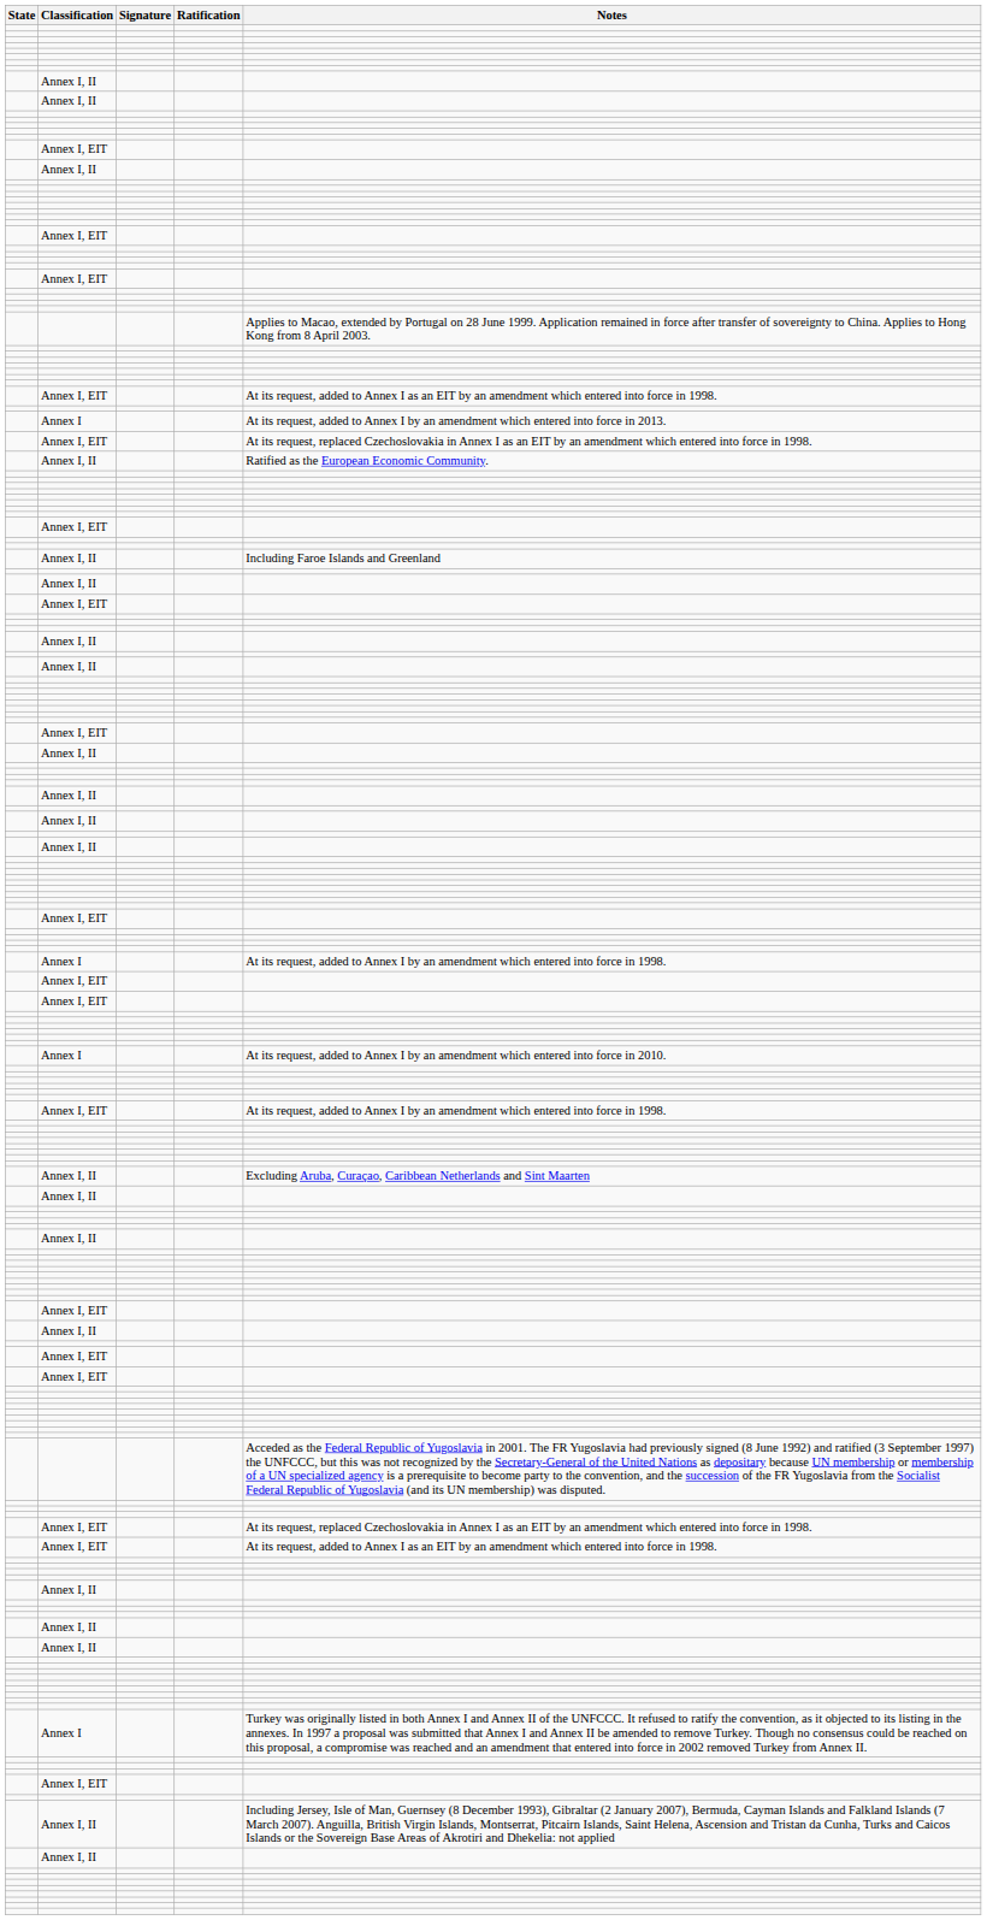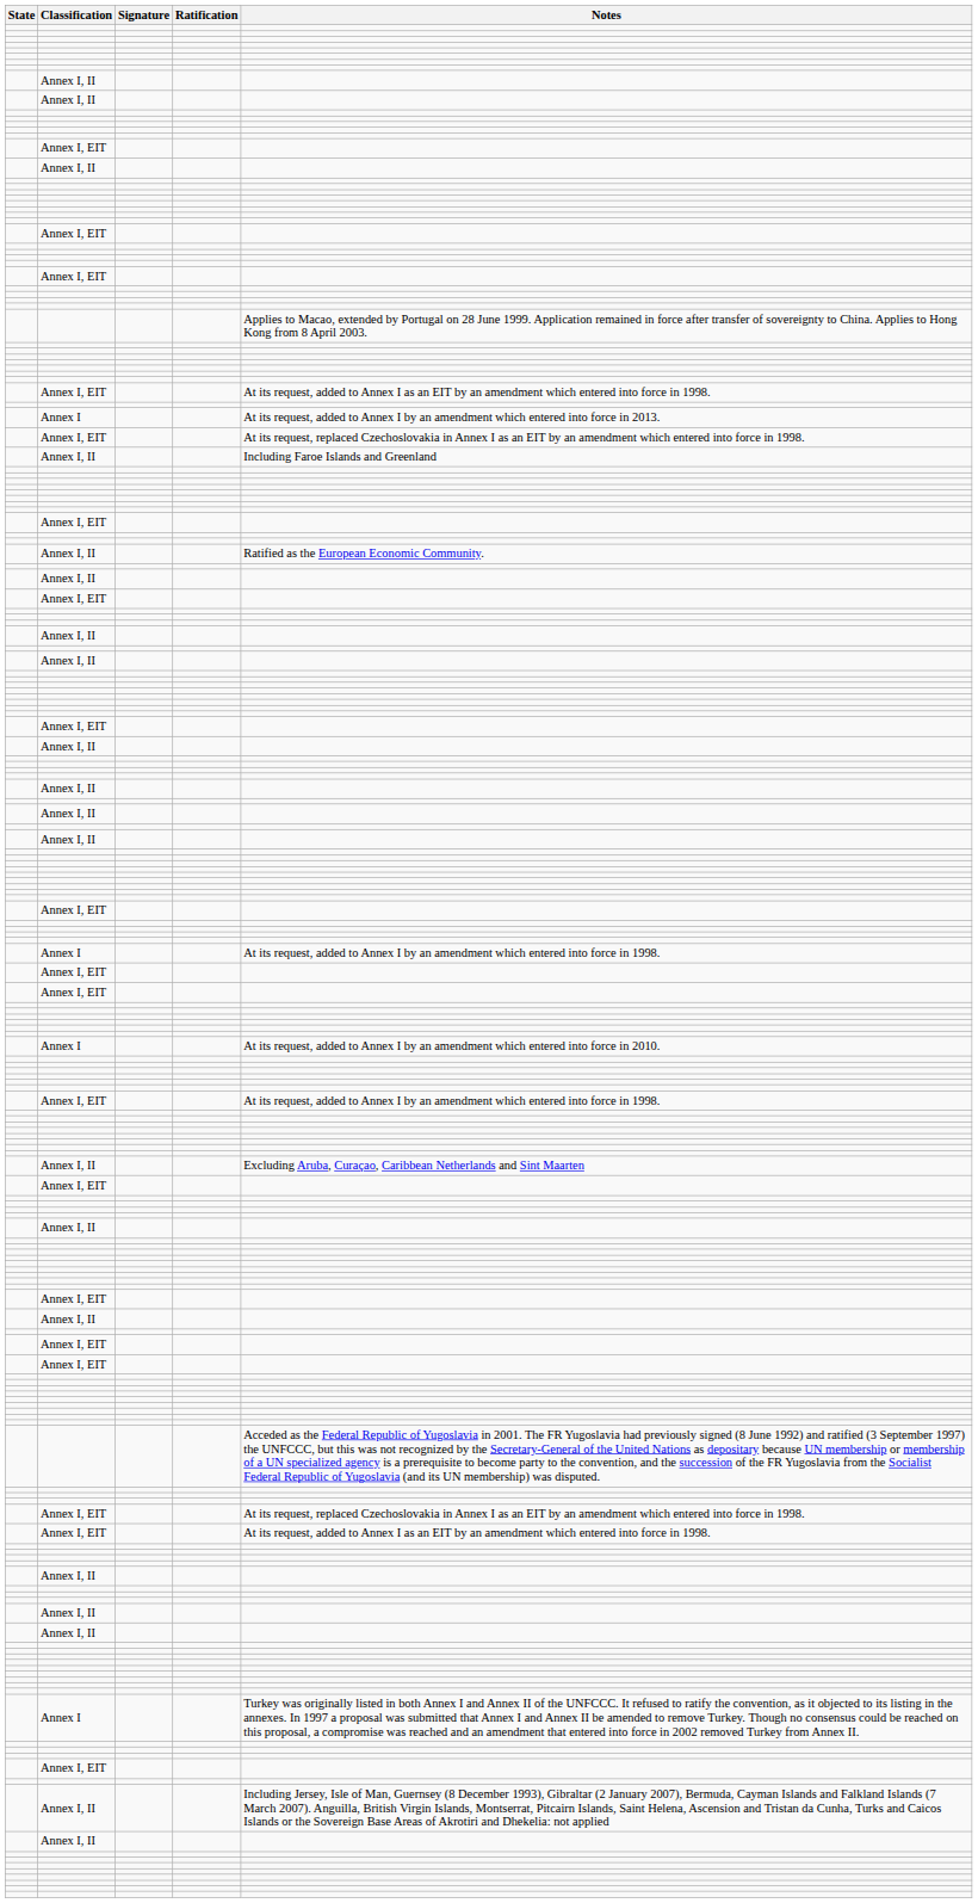 <table class="wikitable sortable">
 <tr>
 <th>State</th>
 <th>Classification</th>
 <th>Signature</th>
 <th>Ratification</th>
 <th>Notes</th>
 </tr>
 <tr>
 <td></td>
 <td></td>
 <td></td>
 <td></td>
 <td></td>
 </tr>
 <tr>
 <td></td>
 <td></td>
 <td></td>
 <td></td>
 <td></td>
 </tr>
 <tr>
 <td></td>
 <td></td>
 <td></td>
 <td></td>
 <td></td>
 </tr>
 <tr>
 <td></td>
 <td></td>
 <td></td>
 <td></td>
 <td></td>
 </tr>
 <tr>
 <td></td>
 <td></td>
 <td></td>
 <td></td>
 <td></td>
 </tr>
 <tr>
 <td></td>
 <td></td>
 <td></td>
 <td></td>
 <td></td>
 </tr>
 <tr>
 <td></td>
 <td></td>
 <td></td>
 <td></td>
 <td></td>
 </tr>
 <tr>
 <td></td>
 <td></td>
 <td></td>
 <td></td>
 <td></td>
 </tr>
 <tr>
 <td></td>
 <td>Annex I, II</td>
 <td></td>
 <td></td>
 <td></td>
 </tr>
 <tr>
 <td></td>
 <td>Annex I, II</td>
 <td></td>
 <td></td>
 <td></td>
 </tr>
 <tr>
 <td></td>
 <td></td>
 <td></td>
 <td></td>
 <td></td>
 </tr>
 <tr>
 <td></td>
 <td></td>
 <td></td>
 <td></td>
 <td></td>
 </tr>
 <tr>
 <td></td>
 <td></td>
 <td></td>
 <td></td>
 <td></td>
 </tr>
 <tr>
 <td></td>
 <td></td>
 <td></td>
 <td></td>
 <td></td>
 </tr>
 <tr>
 <td></td>
 <td></td>
 <td></td>
 <td></td>
 <td></td>
 </tr>
 <tr>
 <td></td>
 <td>Annex I, EIT</td>
 <td></td>
 <td></td>
 <td></td>
 </tr>
 <tr>
 <td></td>
 <td>Annex I, II</td>
 <td></td>
 <td></td>
 <td></td>
 </tr>
 <tr>
 <td></td>
 <td></td>
 <td></td>
 <td></td>
 <td></td>
 </tr>
 <tr>
 <td></td>
 <td></td>
 <td></td>
 <td></td>
 <td></td>
 </tr>
 <tr>
 <td></td>
 <td></td>
 <td></td>
 <td></td>
 <td></td>
 </tr>
 <tr>
 <td></td>
 <td></td>
 <td></td>
 <td></td>
 <td></td>
 </tr>
 <tr>
 <td></td>
 <td></td>
 <td></td>
 <td></td>
 <td></td>
 </tr>
 <tr>
 <td></td>
 <td></td>
 <td></td>
 <td></td>
 <td></td>
 </tr>
 <tr>
 <td></td>
 <td></td>
 <td></td>
 <td></td>
 <td></td>
 </tr>
 <tr>
 <td></td>
 <td></td>
 <td></td>
 <td></td>
 <td></td>
 </tr>
 <tr>
 <td></td>
 <td>Annex I, EIT</td>
 <td></td>
 <td></td>
 <td></td>
 </tr>
 <tr>
 <td></td>
 <td></td>
 <td></td>
 <td></td>
 <td></td>
 </tr>
 <tr>
 <td></td>
 <td></td>
 <td></td>
 <td></td>
 <td></td>
 </tr>
 <tr>
 <td></td>
 <td></td>
 <td></td>
 <td></td>
 <td></td>
 </tr>
 <tr>
 <td></td>
 <td></td>
 <td></td>
 <td></td>
 <td></td>
 </tr>
 <tr>
 <td></td>
 <td>Annex I, EIT</td>
 <td></td>
 <td></td>
 <td></td>
 </tr>
 <tr>
 <td></td>
 <td></td>
 <td></td>
 <td></td>
 <td></td>
 </tr>
 <tr>
 <td></td>
 <td></td>
 <td></td>
 <td></td>
 <td></td>
 </tr>
 <tr>
 <td></td>
 <td></td>
 <td></td>
 <td></td>
 <td></td>
 </tr>
 <tr>
 <td></td>
 <td></td>
 <td></td>
 <td></td>
 <td></td>
 </tr>
 <tr>
 <td></td>
 <td></td>
 <td></td>
 <td></td>
 <td>Applies to Macao, extended by Portugal on 28 June 1999. Application remained in force after transfer of sovereignty to China. Applies to Hong Kong from 8 April 2003.</td>
 </tr>
 <tr>
 <td></td>
 <td></td>
 <td></td>
 <td></td>
 <td></td>
 </tr>
 <tr>
 <td></td>
 <td></td>
 <td></td>
 <td></td>
 <td></td>
 </tr>
 <tr>
 <td></td>
 <td></td>
 <td></td>
 <td></td>
 <td></td>
 </tr>
 <tr>
 <td></td>
 <td></td>
 <td></td>
 <td></td>
 <td></td>
 </tr>
 <tr>
 <td></td>
 <td></td>
 <td></td>
 <td></td>
 <td></td>
 </tr>
 <tr>
 <td></td>
 <td></td>
 <td></td>
 <td></td>
 <td></td>
 </tr>
 <tr>
 <td></td>
 <td></td>
 <td></td>
 <td></td>
 <td></td>
 </tr>
 <tr>
 <td></td>
 <td>Annex I, EIT</td>
 <td></td>
 <td></td>
 <td>At its request, added to Annex I as an EIT by an amendment which entered into force in 1998.</td>
 </tr>
 <tr>
 <td></td>
 <td></td>
 <td></td>
 <td></td>
 <td></td>
 </tr>
 <tr>
 <td></td>
 <td>Annex I</td>
 <td></td>
 <td></td>
 <td>At its request, added to Annex I by an amendment which entered into force in 2013.</td>
 </tr>
 <tr>
 <td></td>
 <td>Annex I, EIT</td>
 <td></td>
 <td></td>
 <td>At its request, replaced Czechoslovakia in Annex I as an EIT by an amendment which entered into force in 1998.</td>
 </tr>
 <tr>
 <td></td>
 <td>Annex I, II</td>
 <td></td>
 <td></td>
-<td>Ratified as the <a href='#'>European Economic Community</a>.</td>
+<td>Including Faroe Islands and Greenland</td>
 </tr>
 <tr>
 <td></td>
 <td></td>
 <td></td>
 <td></td>
 <td></td>
 </tr>
 <tr>
 <td></td>
 <td></td>
 <td></td>
 <td></td>
 <td></td>
 </tr>
 <tr>
 <td></td>
 <td></td>
 <td></td>
 <td></td>
 <td></td>
 </tr>
 <tr>
 <td></td>
 <td></td>
 <td></td>
 <td></td>
 <td></td>
 </tr>
 <tr>
 <td></td>
 <td></td>
 <td></td>
 <td></td>
 <td></td>
 </tr>
 <tr>
 <td></td>
 <td></td>
 <td></td>
 <td></td>
 <td></td>
 </tr>
 <tr>
 <td></td>
 <td></td>
 <td></td>
 <td></td>
 <td></td>
 </tr>
 <tr>
 <td></td>
 <td></td>
 <td></td>
 <td></td>
 <td></td>
 </tr>
 <tr>
 <td></td>
 <td>Annex I, EIT</td>
 <td></td>
 <td></td>
 <td></td>
 </tr>
 <tr>
 <td></td>
 <td></td>
 <td></td>
 <td></td>
 <td></td>
 </tr>
 <tr>
 <td></td>
 <td></td>
 <td></td>
 <td></td>
 <td></td>
 </tr>
 <tr>
 <td></td>
 <td>Annex I, II</td>
 <td></td>
 <td></td>
-<td>Including Faroe Islands and Greenland</td>
+<td>Ratified as the <a href='#'>European Economic Community</a>.</td>
 </tr>
 <tr>
 <td></td>
 <td></td>
 <td></td>
 <td></td>
 <td></td>
 </tr>
 <tr>
 <td></td>
 <td>Annex I, II</td>
 <td></td>
 <td></td>
 <td></td>
 </tr>
 <tr>
 <td></td>
 <td>Annex I, EIT</td>
 <td></td>
 <td></td>
 <td></td>
 </tr>
 <tr>
 <td></td>
 <td></td>
 <td></td>
 <td></td>
 <td></td>
 </tr>
 <tr>
 <td></td>
 <td></td>
 <td></td>
 <td></td>
 <td></td>
 </tr>
 <tr>
 <td></td>
 <td></td>
 <td></td>
 <td></td>
 <td></td>
 </tr>
 <tr>
 <td></td>
 <td>Annex I, II</td>
 <td></td>
 <td></td>
 <td></td>
 </tr>
 <tr>
 <td></td>
 <td></td>
 <td></td>
 <td></td>
 <td></td>
 </tr>
 <tr>
 <td></td>
 <td>Annex I, II</td>
 <td></td>
 <td></td>
 <td></td>
 </tr>
 <tr>
 <td></td>
 <td></td>
 <td></td>
 <td></td>
 <td></td>
 </tr>
 <tr>
 <td></td>
 <td></td>
 <td></td>
 <td></td>
 <td></td>
 </tr>
 <tr>
 <td></td>
 <td></td>
 <td></td>
 <td></td>
 <td></td>
 </tr>
 <tr>
 <td></td>
 <td></td>
 <td></td>
 <td></td>
 <td></td>
 </tr>
 <tr>
 <td></td>
 <td></td>
 <td></td>
 <td></td>
 <td></td>
 </tr>
 <tr>
 <td></td>
 <td></td>
 <td></td>
 <td></td>
 <td></td>
 </tr>
 <tr>
 <td></td>
 <td></td>
 <td></td>
 <td></td>
 <td></td>
 </tr>
 <tr>
 <td></td>
 <td></td>
 <td></td>
 <td></td>
 <td></td>
 </tr>
 <tr>
 <td></td>
 <td>Annex I, EIT</td>
 <td></td>
 <td></td>
 <td></td>
 </tr>
 <tr>
 <td></td>
 <td>Annex I, II</td>
 <td></td>
 <td></td>
 <td></td>
 </tr>
 <tr>
 <td></td>
 <td></td>
 <td></td>
 <td></td>
 <td></td>
 </tr>
 <tr>
 <td></td>
 <td></td>
 <td></td>
 <td></td>
 <td></td>
 </tr>
 <tr>
 <td></td>
 <td></td>
 <td></td>
 <td></td>
 <td></td>
 </tr>
 <tr>
 <td></td>
 <td></td>
 <td></td>
 <td></td>
 <td></td>
 </tr>
 <tr>
 <td></td>
 <td>Annex I, II</td>
 <td></td>
 <td></td>
 <td></td>
 </tr>
 <tr>
 <td></td>
 <td></td>
 <td></td>
 <td></td>
 <td></td>
 </tr>
 <tr>
 <td></td>
 <td>Annex I, II</td>
 <td></td>
 <td></td>
 <td></td>
 </tr>
 <tr>
 <td></td>
 <td></td>
 <td></td>
 <td></td>
 <td></td>
 </tr>
 <tr>
 <td></td>
 <td>Annex I, II</td>
 <td></td>
 <td></td>
 <td></td>
 </tr>
 <tr>
 <td></td>
 <td></td>
 <td></td>
 <td></td>
 <td></td>
 </tr>
 <tr>
 <td></td>
 <td></td>
 <td></td>
 <td></td>
 <td></td>
 </tr>
 <tr>
 <td></td>
 <td></td>
 <td></td>
 <td></td>
 <td></td>
 </tr>
 <tr>
 <td></td>
 <td></td>
 <td></td>
 <td></td>
 <td></td>
 </tr>
 <tr>
 <td></td>
 <td></td>
 <td></td>
 <td></td>
 <td></td>
 </tr>
 <tr>
 <td></td>
 <td></td>
 <td></td>
 <td></td>
 <td></td>
 </tr>
 <tr>
 <td></td>
 <td></td>
 <td></td>
 <td></td>
 <td></td>
 </tr>
 <tr>
 <td></td>
 <td></td>
 <td></td>
 <td></td>
 <td></td>
 </tr>
 <tr>
 <td></td>
 <td></td>
 <td></td>
 <td></td>
 <td></td>
 </tr>
 <tr>
 <td></td>
 <td>Annex I, EIT</td>
 <td></td>
 <td></td>
 <td></td>
 </tr>
 <tr>
 <td></td>
 <td></td>
 <td></td>
 <td></td>
 <td></td>
 </tr>
 <tr>
 <td></td>
 <td></td>
 <td></td>
 <td></td>
 <td></td>
 </tr>
 <tr>
 <td></td>
 <td></td>
 <td></td>
 <td></td>
 <td></td>
 </tr>
 <tr>
 <td></td>
 <td></td>
 <td></td>
 <td></td>
 <td></td>
 </tr>
 <tr>
 <td></td>
 <td>Annex I</td>
 <td></td>
 <td></td>
 <td>At its request, added to Annex I by an amendment which entered into force in 1998.</td>
 </tr>
 <tr>
 <td></td>
 <td>Annex I, EIT</td>
 <td></td>
 <td></td>
 <td></td>
 </tr>
 <tr>
 <td></td>
 <td>Annex I, EIT</td>
 <td></td>
 <td></td>
 <td></td>
 </tr>
 <tr>
 <td></td>
 <td></td>
 <td></td>
 <td></td>
 <td></td>
 </tr>
 <tr>
 <td></td>
 <td></td>
 <td></td>
 <td></td>
 <td></td>
 </tr>
 <tr>
 <td></td>
 <td></td>
 <td></td>
 <td></td>
 <td></td>
 </tr>
 <tr>
 <td></td>
 <td></td>
 <td></td>
 <td></td>
 <td></td>
 </tr>
 <tr>
 <td></td>
 <td></td>
 <td></td>
 <td></td>
 <td></td>
 </tr>
 <tr>
 <td></td>
 <td></td>
 <td></td>
 <td></td>
 <td></td>
 </tr>
 <tr>
 <td></td>
 <td>Annex I</td>
 <td></td>
 <td></td>
 <td>At its request, added to Annex I by an amendment which entered into force in 2010.</td>
 </tr>
 <tr>
 <td></td>
 <td></td>
 <td></td>
 <td></td>
 <td></td>
 </tr>
 <tr>
 <td></td>
 <td></td>
 <td></td>
 <td></td>
 <td></td>
 </tr>
 <tr>
 <td></td>
 <td></td>
 <td></td>
 <td></td>
 <td></td>
 </tr>
 <tr>
 <td></td>
 <td></td>
 <td></td>
 <td></td>
 <td></td>
 </tr>
 <tr>
 <td></td>
 <td></td>
 <td></td>
 <td></td>
 <td></td>
 </tr>
 <tr>
 <td></td>
 <td></td>
 <td></td>
 <td></td>
 <td></td>
 </tr>
 <tr>
 <td></td>
 <td>Annex I, EIT</td>
 <td></td>
 <td></td>
 <td>At its request, added to Annex I by an amendment which entered into force in 1998.</td>
 </tr>
 <tr>
 <td></td>
 <td></td>
 <td></td>
 <td></td>
 <td></td>
 </tr>
 <tr>
 <td></td>
 <td></td>
 <td></td>
 <td></td>
 <td></td>
 </tr>
 <tr>
 <td></td>
 <td></td>
 <td></td>
 <td></td>
 <td></td>
 </tr>
 <tr>
 <td></td>
 <td></td>
 <td></td>
 <td></td>
 <td></td>
 </tr>
 <tr>
 <td></td>
 <td></td>
 <td></td>
 <td></td>
 <td></td>
 </tr>
 <tr>
 <td></td>
 <td></td>
 <td></td>
 <td></td>
 <td></td>
 </tr>
 <tr>
 <td></td>
 <td></td>
 <td></td>
 <td></td>
 <td></td>
 </tr>
 <tr>
 <td></td>
 <td></td>
 <td></td>
 <td></td>
 <td></td>
 </tr>
 <tr>
 <td></td>
 <td>Annex I, II</td>
 <td></td>
 <td></td>
 <td>Excluding <a href='#'>Aruba</a>, <a href='#'>Curaçao</a>, <a href='#'>Caribbean Netherlands</a> and <a href='#'>Sint Maarten</a></td>
 </tr>
 <tr>
 <td></td>
-<td>Annex I, II</td>
+<td>Annex I, EIT</td>
 <td></td>
 <td></td>
 <td></td>
 </tr>
 <tr>
 <td></td>
 <td></td>
 <td></td>
 <td></td>
 <td></td>
 </tr>
 <tr>
 <td></td>
 <td></td>
 <td></td>
 <td></td>
 <td></td>
 </tr>
 <tr>
 <td></td>
 <td></td>
 <td></td>
 <td></td>
 <td></td>
 </tr>
 <tr>
 <td></td>
 <td></td>
 <td></td>
 <td></td>
 <td></td>
 </tr>
 <tr>
 <td></td>
 <td>Annex I, II</td>
 <td></td>
 <td></td>
 <td></td>
 </tr>
 <tr>
 <td></td>
 <td></td>
 <td></td>
 <td></td>
 <td></td>
 </tr>
 <tr>
 <td></td>
 <td></td>
 <td></td>
 <td></td>
 <td></td>
 </tr>
 <tr>
 <td></td>
 <td></td>
 <td></td>
 <td></td>
 <td></td>
 </tr>
 <tr>
 <td></td>
 <td></td>
 <td></td>
 <td></td>
 <td></td>
 </tr>
 <tr>
 <td></td>
 <td></td>
 <td></td>
 <td></td>
 <td></td>
 </tr>
 <tr>
 <td></td>
 <td></td>
 <td></td>
 <td></td>
 <td></td>
 </tr>
 <tr>
 <td></td>
 <td></td>
 <td></td>
 <td></td>
 <td></td>
 </tr>
 <tr>
 <td></td>
 <td></td>
 <td></td>
 <td></td>
 <td></td>
 </tr>
 <tr>
 <td></td>
 <td></td>
 <td></td>
 <td></td>
 <td></td>
 </tr>
 <tr>
 <td></td>
 <td>Annex I, EIT</td>
 <td></td>
 <td></td>
 <td></td>
 </tr>
 <tr>
 <td></td>
 <td>Annex I, II</td>
 <td></td>
 <td></td>
 <td></td>
 </tr>
 <tr>
 <td></td>
 <td></td>
 <td></td>
 <td></td>
 <td></td>
 </tr>
 <tr>
 <td></td>
 <td>Annex I, EIT</td>
 <td></td>
 <td></td>
 <td></td>
 </tr>
 <tr>
 <td></td>
 <td>Annex I, EIT</td>
 <td></td>
 <td></td>
 <td></td>
 </tr>
 <tr>
 <td></td>
 <td></td>
 <td></td>
 <td></td>
 <td></td>
 </tr>
 <tr>
 <td></td>
 <td></td>
 <td></td>
 <td></td>
 <td></td>
 </tr>
 <tr>
 <td></td>
 <td></td>
 <td></td>
 <td></td>
 <td></td>
 </tr>
 <tr>
 <td></td>
 <td></td>
 <td></td>
 <td></td>
 <td></td>
 </tr>
 <tr>
 <td></td>
 <td></td>
 <td></td>
 <td></td>
 <td></td>
 </tr>
 <tr>
 <td></td>
 <td></td>
 <td></td>
 <td></td>
 <td></td>
 </tr>
 <tr>
 <td></td>
 <td></td>
 <td></td>
 <td></td>
 <td></td>
 </tr>
 <tr>
 <td></td>
 <td></td>
 <td></td>
 <td></td>
 <td></td>
 </tr>
 <tr>
 <td></td>
 <td></td>
 <td></td>
 <td></td>
 <td></td>
 </tr>
 <tr>
 <td></td>
 <td></td>
 <td></td>
 <td></td>
 <td>Acceded as the <a href='#'>Federal Republic of Yugoslavia</a> in 2001.  The FR Yugoslavia had previously signed (8 June 1992) and ratified (3 September 1997) the UNFCCC, but this was not recognized by the <a href='#'>Secretary-General of the United Nations</a> as <a href='#'>depositary</a> because <a href='#'>UN membership</a> or <a href='#'>membership of a UN specialized agency</a> is a prerequisite to become party to the convention, and the <a href='#'>succession</a> of the FR Yugoslavia from the <a href='#'>Socialist Federal Republic of Yugoslavia</a> (and its UN membership) was disputed.</td>
 </tr>
 <tr>
 <td></td>
 <td></td>
 <td></td>
 <td></td>
 <td></td>
 </tr>
 <tr>
 <td></td>
 <td></td>
 <td></td>
 <td></td>
 <td></td>
 </tr>
 <tr>
 <td></td>
 <td></td>
 <td></td>
 <td></td>
 <td></td>
 </tr>
 <tr>
 <td></td>
 <td>Annex I, EIT</td>
 <td></td>
 <td></td>
 <td>At its request, replaced Czechoslovakia in Annex I as an EIT by an amendment which entered into force in 1998.</td>
 </tr>
 <tr>
 <td></td>
 <td>Annex I, EIT</td>
 <td></td>
 <td></td>
 <td>At its request, added to Annex I as an EIT by an amendment which entered into force in 1998.</td>
 </tr>
 <tr>
 <td></td>
 <td></td>
 <td></td>
 <td></td>
 <td></td>
 </tr>
 <tr>
 <td></td>
 <td></td>
 <td></td>
 <td></td>
 <td></td>
 </tr>
 <tr>
 <td></td>
 <td></td>
 <td></td>
 <td></td>
 <td></td>
 </tr>
 <tr>
 <td></td>
 <td></td>
 <td></td>
 <td></td>
 <td></td>
 </tr>
 <tr>
 <td></td>
 <td>Annex I, II</td>
 <td></td>
 <td></td>
 <td></td>
 </tr>
 <tr>
 <td></td>
 <td></td>
 <td></td>
 <td></td>
 <td></td>
 </tr>
 <tr>
 <td></td>
 <td></td>
 <td></td>
 <td></td>
 <td></td>
 </tr>
 <tr>
 <td></td>
 <td></td>
 <td></td>
 <td></td>
 <td></td>
 </tr>
 <tr>
 <td></td>
 <td>Annex I, II</td>
 <td></td>
 <td></td>
 <td></td>
 </tr>
 <tr>
 <td></td>
 <td>Annex I, II</td>
 <td></td>
 <td></td>
 <td></td>
 </tr>
 <tr>
 <td></td>
 <td></td>
 <td></td>
 <td></td>
 <td></td>
 </tr>
 <tr>
 <td></td>
 <td></td>
 <td></td>
 <td></td>
 <td></td>
 </tr>
 <tr>
 <td></td>
 <td></td>
 <td></td>
 <td></td>
 <td></td>
 </tr>
 <tr>
 <td></td>
 <td></td>
 <td></td>
 <td></td>
 <td></td>
 </tr>
 <tr>
 <td></td>
 <td></td>
 <td></td>
 <td></td>
 <td></td>
 </tr>
 <tr>
 <td></td>
 <td></td>
 <td></td>
 <td></td>
 <td></td>
 </tr>
 <tr>
 <td></td>
 <td></td>
 <td></td>
 <td></td>
 <td></td>
 </tr>
 <tr>
 <td></td>
 <td></td>
 <td></td>
 <td></td>
 <td></td>
 </tr>
 <tr>
 <td></td>
 <td></td>
 <td></td>
 <td></td>
 <td></td>
 </tr>
 <tr>
 <td></td>
 <td>Annex I</td>
 <td></td>
 <td></td>
 <td>Turkey was originally listed in both Annex I and Annex II of the UNFCCC.  It refused to ratify the convention, as it objected to its listing in the annexes.  In 1997 a proposal was submitted that Annex I and Annex II be amended to remove Turkey.  Though no consensus could be reached on this proposal, a compromise was reached and an amendment that entered into force in 2002 removed Turkey from Annex II.</td>
 </tr>
 <tr>
 <td></td>
 <td></td>
 <td></td>
 <td></td>
 <td></td>
 </tr>
 <tr>
 <td></td>
 <td></td>
 <td></td>
 <td></td>
 <td></td>
 </tr>
 <tr>
 <td></td>
 <td></td>
 <td></td>
 <td></td>
 <td></td>
 </tr>
 <tr>
 <td></td>
 <td>Annex I, EIT</td>
 <td></td>
 <td></td>
 <td></td>
 </tr>
 <tr>
 <td></td>
 <td></td>
 <td></td>
 <td></td>
 <td></td>
 </tr>
 <tr>
 <td></td>
 <td>Annex I, II</td>
 <td></td>
 <td></td>
 <td>Including Jersey,  Isle of Man, Guernsey (8 December 1993), Gibraltar (2 January 2007), Bermuda, Cayman Islands and Falkland Islands (7 March 2007). Anguilla, British Virgin Islands, Montserrat, Pitcairn Islands, Saint Helena, Ascension and Tristan da Cunha, Turks and Caicos Islands or the Sovereign Base Areas of Akrotiri and Dhekelia: not applied</td>
 </tr>
 <tr>
 <td></td>
 <td>Annex I, II</td>
 <td></td>
 <td></td>
 <td></td>
 </tr>
 <tr>
 <td></td>
 <td></td>
 <td></td>
 <td></td>
 <td></td>
 </tr>
 <tr>
 <td></td>
 <td></td>
 <td></td>
 <td></td>
 <td></td>
 </tr>
 <tr>
 <td></td>
 <td></td>
 <td></td>
 <td></td>
 <td></td>
 </tr>
 <tr>
 <td></td>
 <td></td>
 <td></td>
 <td></td>
 <td></td>
 </tr>
 <tr>
 <td></td>
 <td></td>
 <td></td>
 <td></td>
 <td></td>
 </tr>
 <tr>
 <td></td>
 <td></td>
 <td></td>
 <td></td>
 <td></td>
 </tr>
 <tr>
 <td></td>
 <td></td>
 <td></td>
 <td></td>
 <td></td>
 </tr>
 <tr>
 <td></td>
 <td></td>
 <td></td>
 <td></td>
 <td></td>
 </tr>
 </table>
